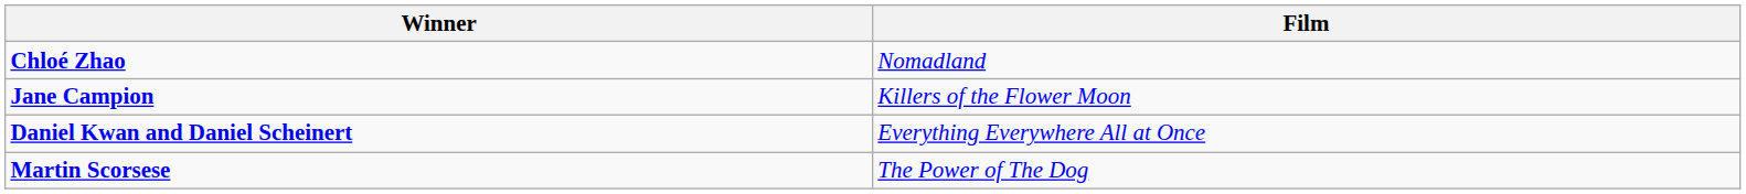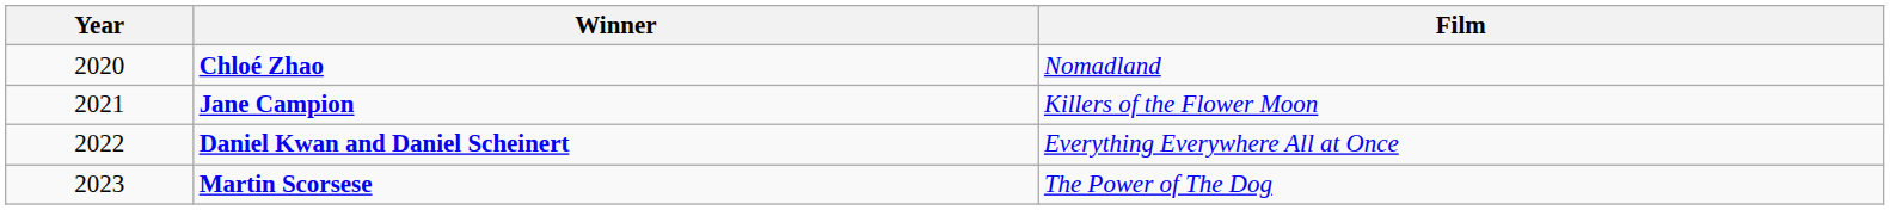 <table class="wikitable" width="95%" cellpadding="5">
 <tr>
+<th width="10%"><strong>Year</strong></th>
 <th width="45%"><strong>Winner</strong></th>
 <th width="45%"><strong>Film</strong></th>
 </tr>
 <tr>
+<td style="text-align:center;">2020</td>
 <td><strong><a href='#'>Chloé Zhao</a></strong></td>
 <td><em><a href='#'>Nomadland</a></em></td>
 </tr>
 <tr>
+<td style="text-align:center">2021</td>
 <td><strong><a href='#'>Jane Campion</a></strong></td>
 <td><em><a href='#'>Killers of the Flower Moon</a></em></td>
 </tr>
 <tr>
+<td style="text-align:center">2022</td>
 <td><strong><a href='#'>Daniel Kwan and Daniel Scheinert</a></strong></td>
 <td><em><a href='#'>Everything Everywhere All at Once</a></em></td>
 </tr>
 <tr>
+<td style="text-align:center">2023</td>
 <td><strong><a href='#'>Martin Scorsese</a></strong></td>
 <td><em><a href='#'>The Power of The Dog</a></em></td>
 </tr>
 </table>
